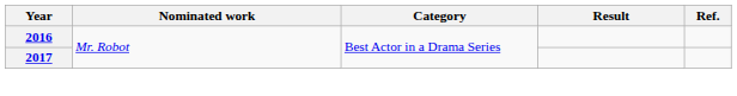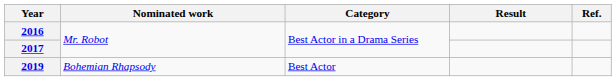 <table class="wikitable">
 <tr>
 <th width=2%>Year</th>
 <th width=11%>Nominated work</th>
 <th width=8%>Category</th>
 <th width=6%>Result</th>
 <th width=1%>Ref.</th>
 </tr>
 <tr>
 <th scope=row><a href='#'>2016</a></th>
 <td rowspan="2"><em><a href='#'>Mr. Robot</a></em></td>
 <td rowspan="2"><a href='#'>Best Actor in a Drama Series</a></td>
 <td></td>
 <td style="text-align:center;"></td>
 </tr>
 <tr>
 <th scope=row><a href='#'>2017</a></th>
 <td></td>
 <td style="text-align:center;"></td>
 </tr>
+<tr>
+<th scope=row><a href='#'>2019</a></th>
+<td><em><a href='#'>Bohemian Rhapsody</a></em></td>
+<td><a href='#'>Best Actor</a></td>
+<td></td>
+<td style="text-align:center;"></td>
+</tr>
 </table>
